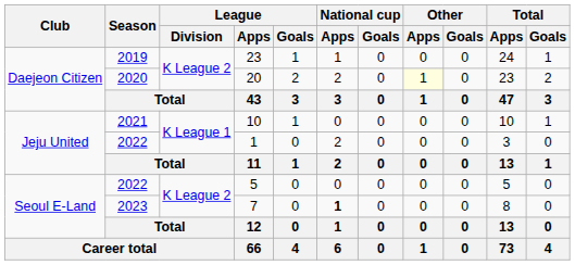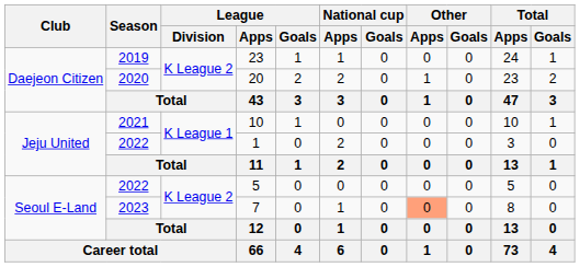 <table class="wikitable" style="text-align: center">
 <tr>
 <th rowspan="2">Club</th>
 <th rowspan="2">Season</th>
 <th colspan="3">League</th>
 <th colspan="2">National cup</th>
 <th colspan="2">Other</th>
 <th colspan="2">Total</th>
 </tr>
 <tr>
 <th>Division</th>
 <th>Apps</th>
 <th>Goals</th>
 <th>Apps</th>
 <th>Goals</th>
 <th>Apps</th>
 <th>Goals</th>
 <th>Apps</th>
 <th>Goals</th>
 </tr>
 <tr>
 <td rowspan="3"><a href='#'>Daejeon Citizen</a></td>
 <td><a href='#'>2019</a></td>
 <td rowspan="2"><a href='#'>K League 2</a></td>
 <td>23</td>
 <td>1</td>
 <td>1</td>
 <td>0</td>
 <td>0</td>
 <td>0</td>
 <td>24</td>
 <td>1</td>
 </tr>
 <tr>
 <td><a href='#'>2020</a></td>
 <td>20</td>
 <td>2</td>
 <td>2</td>
 <td>0</td>
-<td style="background: lightyellow;">1</td>
+<td>1</td>
 <td>0</td>
 <td>23</td>
 <td>2</td>
 </tr>
 <tr>
 <th colspan="2">Total</th>
 <th>43</th>
 <th>3</th>
 <th>3</th>
 <th>0</th>
 <th>1</th>
 <th>0</th>
 <th>47</th>
 <th>3</th>
 </tr>
 <tr>
 <td rowspan="3"><a href='#'>Jeju United</a></td>
 <td><a href='#'>2021</a></td>
 <td rowspan="2"><a href='#'>K League 1</a></td>
 <td>10</td>
 <td>1</td>
 <td>0</td>
 <td>0</td>
 <td>0</td>
 <td>0</td>
 <td>10</td>
 <td>1</td>
 </tr>
 <tr>
 <td><a href='#'>2022</a></td>
 <td>1</td>
 <td>0</td>
 <td>2</td>
 <td>0</td>
 <td>0</td>
 <td>0</td>
 <td>3</td>
 <td>0</td>
 </tr>
 <tr>
 <th colspan="2">Total</th>
 <th>11</th>
 <th>1</th>
 <th>2</th>
 <th>0</th>
 <th>0</th>
 <th>0</th>
 <th>13</th>
 <th>1</th>
 </tr>
 <tr>
 <td rowspan="3"><a href='#'>Seoul E-Land</a></td>
 <td><a href='#'>2022</a></td>
 <td rowspan="2"><a href='#'>K League 2</a></td>
 <td>5</td>
 <td>0</td>
 <td>0</td>
 <td>0</td>
 <td>0</td>
 <td>0</td>
 <td>5</td>
 <td>0</td>
 </tr>
 <tr>
 <td><a href='#'>2023</a></td>
 <td>7</td>
 <td>0</td>
-<td><strong>1</strong></td>
+<td>1</td>
 <td>0</td>
-<td>0</td>
+<td style="background: lightsalmon;">0</td>
 <td>0</td>
 <td>8</td>
 <td>0</td>
 </tr>
 <tr>
 <th colspan="2">Total</th>
 <th>12</th>
 <th>0</th>
 <th>1</th>
 <th>0</th>
 <th>0</th>
 <th>0</th>
 <th>13</th>
 <th>0</th>
 </tr>
 <tr>
 <th colspan=3>Career total</th>
 <th>66</th>
 <th>4</th>
 <th>6</th>
 <th>0</th>
 <th>1</th>
 <th>0</th>
 <th>73</th>
 <th>4</th>
 </tr>
 </table>
